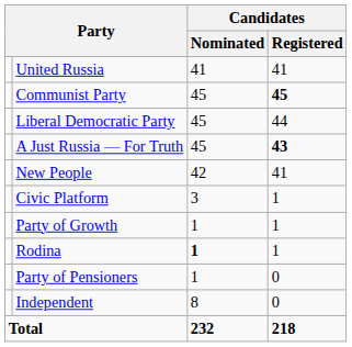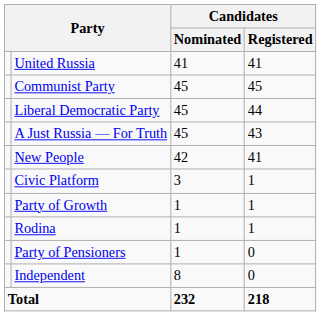 <table class="wikitable sortable" style="background: #f9f9f9; text-align:left; font-size: 95%">
 <tr>
 <th align=center rowspan=2 colspan=2>Party</th>
 <th align=center colspan=2>Candidates</th>
 </tr>
 <tr>
 <th align=center>Nominated</th>
 <th align=center>Registered</th>
 </tr>
 <tr>
 <td></td>
 <td><a href='#'>United Russia</a></td>
 <td>41</td>
 <td>41</td>
 </tr>
 <tr>
 <td></td>
 <td><a href='#'>Communist Party</a></td>
 <td>45</td>
-<td><strong>45</strong></td>
+<td>45</td>
 </tr>
 <tr>
 <td></td>
 <td><a href='#'>Liberal Democratic Party</a></td>
 <td>45</td>
 <td>44</td>
 </tr>
 <tr>
 <td></td>
 <td><a href='#'>A Just Russia — For Truth</a></td>
 <td>45</td>
-<td><strong>43</strong></td>
+<td>43</td>
 </tr>
 <tr>
 <td></td>
 <td><a href='#'>New People</a></td>
 <td>42</td>
 <td>41</td>
 </tr>
 <tr>
 <td></td>
 <td><a href='#'>Civic Platform</a></td>
 <td>3</td>
 <td>1</td>
 </tr>
 <tr>
 <td></td>
 <td><a href='#'>Party of Growth</a></td>
 <td>1</td>
 <td>1</td>
 </tr>
 <tr>
 <td></td>
 <td><a href='#'>Rodina</a></td>
-<td><strong>1</strong></td>
+<td>1</td>
 <td>1</td>
 </tr>
 <tr>
 <td></td>
 <td><a href='#'>Party of Pensioners</a></td>
 <td>1</td>
 <td>0</td>
 </tr>
 <tr>
 <td></td>
 <td><a href='#'>Independent</a></td>
 <td>8</td>
 <td>0</td>
 </tr>
 <tr>
 <td colspan=2><strong>Total</strong></td>
 <td><strong>232</strong></td>
 <td><strong>218</strong></td>
 </tr>
 </table>
